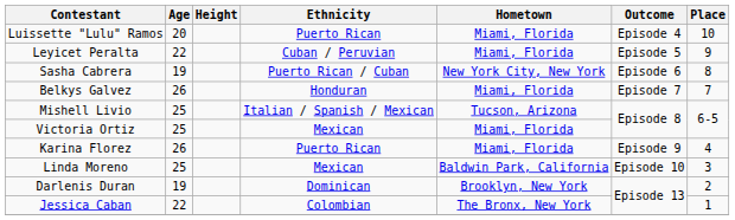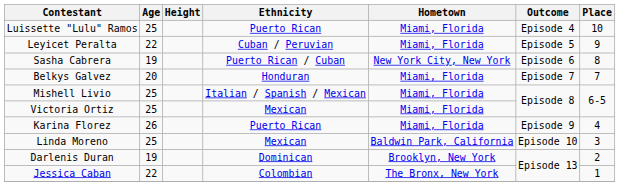 <table class="wikitable sortable" style="text-align:center;">
 <tr>
 <th>Contestant</th>
 <th>Age </th>
 <th>Height</th>
 <th>Ethnicity</th>
 <th>Hometown</th>
 <th>Outcome</th>
 <th>Place</th>
 </tr>
 <tr>
 <td>Luissette "Lulu" Ramos</td>
-<td>20</td>
+<td>25</td>
 <td></td>
 <td><a href='#'>Puerto Rican</a></td>
 <td><a href='#'>Miami, Florida</a></td>
 <td>Episode 4</td>
 <td>10</td>
 </tr>
 <tr>
 <td>Leyicet Peralta</td>
 <td>22</td>
 <td></td>
 <td><a href='#'>Cuban</a> / <a href='#'>Peruvian</a></td>
 <td><a href='#'>Miami, Florida</a></td>
 <td>Episode 5</td>
 <td>9</td>
 </tr>
 <tr>
 <td>Sasha Cabrera</td>
 <td>19</td>
 <td></td>
 <td><a href='#'>Puerto Rican</a> / <a href='#'>Cuban</a></td>
 <td><a href='#'>New York City, New York</a></td>
 <td>Episode 6</td>
 <td>8</td>
 </tr>
 <tr>
 <td>Belkys Galvez</td>
-<td>26</td>
+<td>20</td>
 <td></td>
 <td><a href='#'>Honduran</a></td>
 <td><a href='#'>Miami, Florida</a></td>
 <td>Episode 7</td>
 <td>7</td>
 </tr>
 <tr>
 <td>Mishell Livio</td>
 <td>25</td>
 <td></td>
 <td><a href='#'>Italian</a> / <a href='#'>Spanish</a> / <a href='#'>Mexican</a></td>
-<td><a href='#'>Tucson, Arizona</a></td>
+<td><a href='#'>Miami, Florida</a></td>
 <td rowspan=2>Episode 8</td>
 <td rowspan=2>6-5</td>
 </tr>
 <tr>
 <td>Victoria Ortiz</td>
 <td>25</td>
 <td></td>
 <td><a href='#'>Mexican</a></td>
 <td><a href='#'>Miami, Florida</a></td>
 </tr>
 <tr>
 <td>Karina Florez</td>
 <td>26</td>
 <td></td>
 <td><a href='#'>Puerto Rican</a></td>
 <td><a href='#'>Miami, Florida</a></td>
 <td>Episode 9</td>
 <td>4</td>
 </tr>
 <tr>
 <td>Linda Moreno</td>
 <td>25</td>
 <td></td>
 <td><a href='#'>Mexican</a></td>
 <td><a href='#'>Baldwin Park, California</a></td>
 <td>Episode 10</td>
 <td>3</td>
 </tr>
 <tr>
 <td>Darlenis Duran</td>
 <td>19</td>
 <td></td>
 <td><a href='#'>Dominican</a></td>
 <td><a href='#'>Brooklyn, New York</a></td>
 <td rowspan="2">Episode 13</td>
 <td>2</td>
 </tr>
 <tr>
 <td><a href='#'>Jessica Caban</a></td>
 <td>22</td>
 <td></td>
 <td><a href='#'>Colombian</a></td>
 <td><a href='#'>The Bronx, New York</a></td>
 <td>1</td>
 </tr>
 <tr>
 </tr>
 </table>
